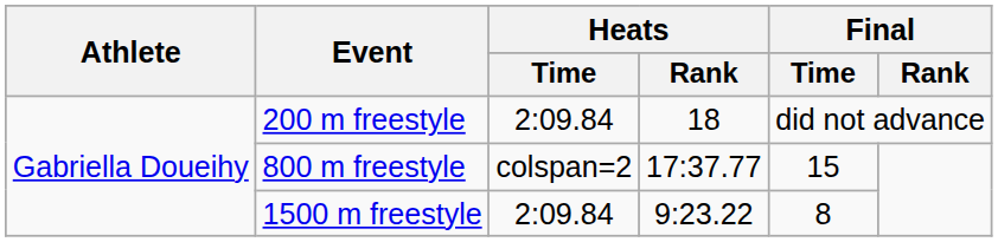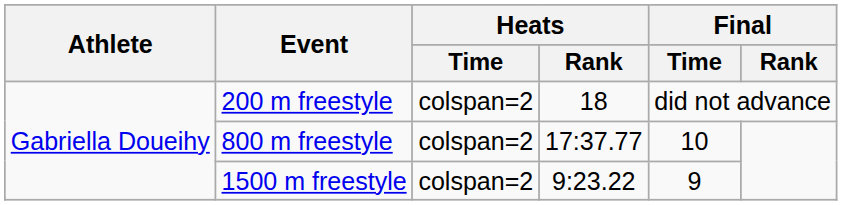 <table class=wikitable style=font-size:90%;text-align:center>
 <tr>
 <th rowspan="2">Athlete</th>
 <th rowspan="2">Event</th>
 <th colspan="2">Heats</th>
 <th colspan="2">Final</th>
 </tr>
 <tr style="font-size:95%">
 <th>Time</th>
 <th>Rank</th>
 <th>Time</th>
 <th>Rank</th>
 </tr>
 <tr>
 <td align=left rowspan=3><a href='#'>Gabriella Doueihy</a></td>
 <td align=left><a href='#'>200 m freestyle</a></td>
-<td>2:09.84</td>
+<td>colspan=2 </td>
 <td>18</td>
 <td colspan=2>did not advance</td>
 </tr>
 <tr>
 <td align=left><a href='#'>800 m freestyle</a></td>
 <td>colspan=2 </td>
 <td>17:37.77</td>
-<td>15</td>
+<td>10</td>
 </tr>
 <tr>
 <td align=left><a href='#'>1500 m freestyle</a></td>
-<td>2:09.84</td>
+<td>colspan=2 </td>
 <td>9:23.22</td>
-<td>8</td>
+<td>9</td>
 </tr>
 </table>
